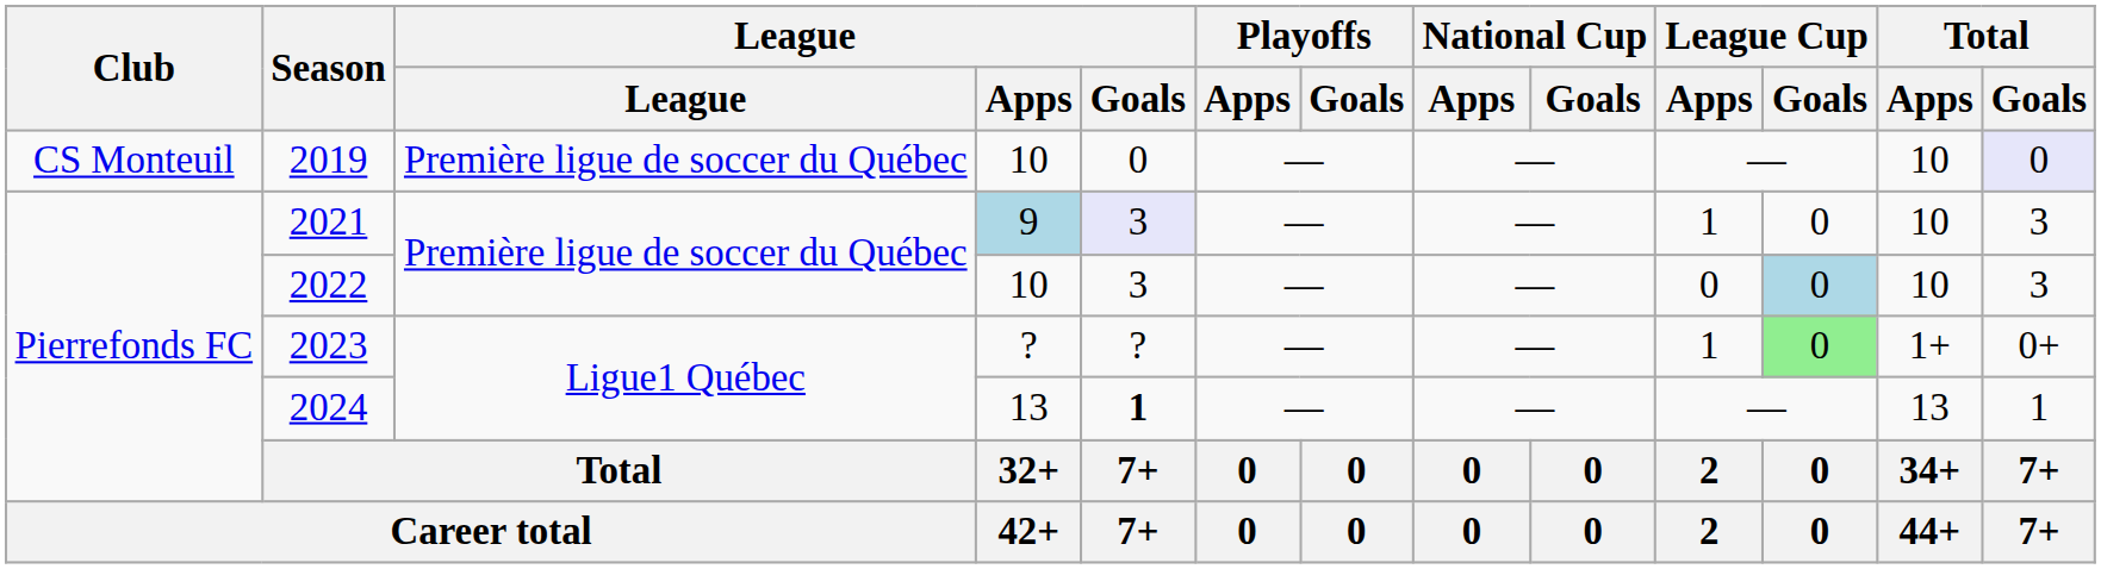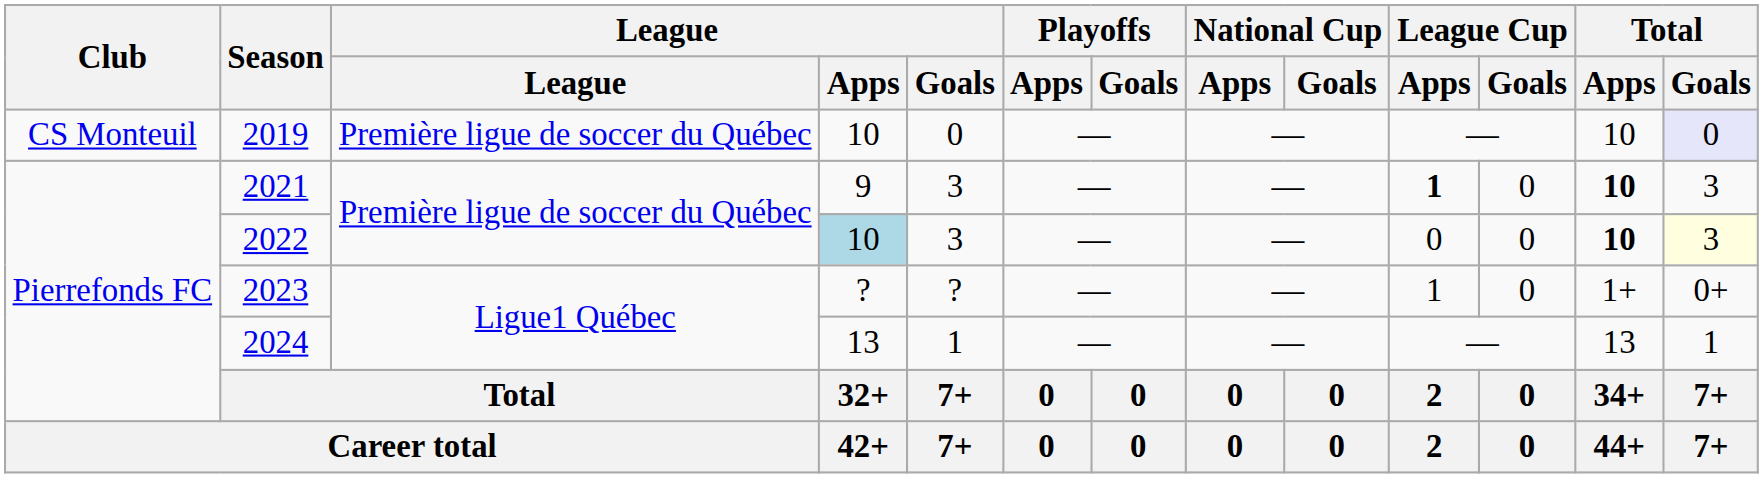 <table class="wikitable" style="text-align: center;">
 <tr>
 <th rowspan="2">Club</th>
 <th rowspan="2">Season</th>
 <th colspan="3">League</th>
 <th colspan="2">Playoffs</th>
 <th colspan="2">National Cup</th>
 <th colspan="2">League Cup</th>
 <th colspan="2">Total</th>
 </tr>
 <tr>
 <th>League</th>
 <th>Apps</th>
 <th>Goals</th>
 <th>Apps</th>
 <th>Goals</th>
 <th>Apps</th>
 <th>Goals</th>
 <th>Apps</th>
 <th>Goals</th>
 <th>Apps</th>
 <th>Goals</th>
 </tr>
 <tr>
 <td><a href='#'>CS Monteuil</a></td>
 <td><a href='#'>2019</a></td>
 <td><a href='#'>Première ligue de soccer du Québec</a></td>
 <td>10</td>
 <td>0</td>
 <td colspan="2">—</td>
 <td colspan="2">—</td>
 <td colspan="2">—</td>
 <td>10</td>
 <td style="background: lavender;">0</td>
 </tr>
 <tr>
 <td rowspan=5><a href='#'>Pierrefonds FC</a></td>
 <td><a href='#'>2021</a></td>
 <td rowspan=2><a href='#'>Première ligue de soccer du Québec</a></td>
-<td style="background: lightblue;">9</td>
-<td style="background: lavender;">3</td>
+<td>9</td>
+<td>3</td>
 <td colspan="2">—</td>
 <td colspan="2">—</td>
-<td>1</td>
+<td><strong>1</strong></td>
 <td>0</td>
-<td>10</td>
+<td><strong>10</strong></td>
 <td>3</td>
 </tr>
 <tr>
 <td><a href='#'>2022</a></td>
-<td>10</td>
+<td style="background: lightblue;">10</td>
 <td>3</td>
 <td colspan="2">—</td>
 <td colspan="2">—</td>
 <td>0</td>
-<td style="background: lightblue;">0</td>
-<td>10</td>
-<td>3</td>
+<td>0</td>
+<td><strong>10</strong></td>
+<td style="background: lightyellow;">3</td>
 </tr>
 <tr>
 <td><a href='#'>2023</a></td>
 <td rowspan=2><a href='#'>Ligue1 Québec</a></td>
 <td>?</td>
 <td>?</td>
 <td colspan="2">—</td>
 <td colspan="2">—</td>
 <td>1</td>
-<td style="background: lightgreen;">0</td>
+<td>0</td>
 <td>1+</td>
 <td>0+</td>
 </tr>
 <tr>
 <td><a href='#'>2024</a></td>
 <td>13</td>
-<td><strong>1</strong></td>
+<td>1</td>
 <td colspan="2">—</td>
 <td colspan="2">—</td>
 <td colspan="2">—</td>
 <td>13</td>
 <td>1</td>
 </tr>
 <tr>
 <th colspan="2">Total</th>
 <th>32+</th>
 <th>7+</th>
 <th>0</th>
 <th>0</th>
 <th>0</th>
 <th>0</th>
 <th>2</th>
 <th>0</th>
 <th>34+</th>
 <th>7+</th>
 </tr>
 <tr>
 <th colspan="3">Career total</th>
 <th>42+</th>
 <th>7+</th>
 <th>0</th>
 <th>0</th>
 <th>0</th>
 <th>0</th>
 <th>2</th>
 <th>0</th>
 <th>44+</th>
 <th>7+</th>
 </tr>
 </table>
